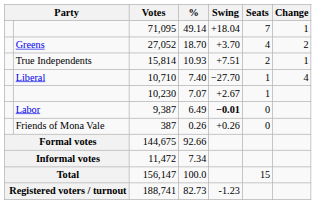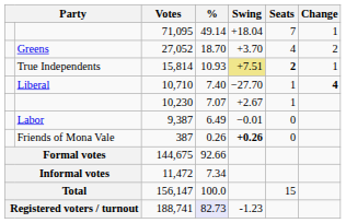 <table class="wikitable" style="text-align:right; margin-bottom:0">
 <tr>
 <th style="width:10px" colspan=3>Party</th>
 <th style="width:70px;">Votes</th>
 <th style="width:40px;">%</th>
 <th style="width:40px;">Swing</th>
 <th style="width:40px;">Seats</th>
 <th style="width:40px;">Change</th>
 </tr>
 <tr>
 <td> </td>
 <td style="text-align:left;" colspan="2"></td>
 <td>71,095</td>
 <td>49.14</td>
 <td>+18.04</td>
 <td>7</td>
 <td> 1</td>
 </tr>
 <tr>
 <td> </td>
 <td style="text-align:left;" colspan="2"><a href='#'>Greens</a></td>
 <td>27,052</td>
 <td>18.70</td>
 <td>+3.70</td>
 <td>4</td>
 <td> 2</td>
 </tr>
 <tr>
 <td> </td>
 <td style="text-align:left;" colspan="2">True Independents</td>
 <td>15,814</td>
 <td>10.93</td>
-<td>+7.51</td>
-<td>2</td>
+<td style="background: khaki;">+7.51</td>
+<td><strong>2</strong></td>
 <td> 1</td>
 </tr>
 <tr>
 <td> </td>
 <td style="text-align:left;" colspan="2"><a href='#'>Liberal</a></td>
 <td>10,710</td>
 <td>7.40</td>
 <td>−27.70</td>
 <td>1</td>
-<td> 4</td>
+<td><strong> 4</strong></td>
 </tr>
 <tr>
 <td> </td>
 <td style="text-align:left;" colspan="2"></td>
 <td>10,230</td>
 <td>7.07</td>
 <td>+2.67</td>
 <td>1</td>
 <td></td>
 </tr>
 <tr>
 <td> </td>
 <td style="text-align:left;" colspan="2"><a href='#'>Labor</a></td>
 <td>9,387</td>
 <td>6.49</td>
-<td><strong>−0.01</strong></td>
+<td>−0.01</td>
 <td>0</td>
 <td></td>
 </tr>
 <tr>
 <td> </td>
 <td style="text-align:left;" colspan="2">Friends of Mona Vale</td>
 <td>387</td>
 <td>0.26</td>
-<td>+0.26</td>
+<td><strong>+0.26</strong></td>
 <td>0</td>
 <td></td>
 </tr>
 <tr>
 <th colspan="3" rowspan="1"> Formal votes</th>
 <td>144,675</td>
 <td>92.66</td>
 <td></td>
 <td></td>
 <td></td>
 </tr>
 <tr>
 <th colspan="3" rowspan="1"> Informal votes</th>
 <td>11,472</td>
 <td>7.34</td>
 <td></td>
 <td></td>
 <td></td>
 </tr>
 <tr>
 <th colspan="3" rowspan="1"> <strong>Total </strong></th>
 <td>156,147</td>
 <td>100.0</td>
 <td></td>
 <td>15</td>
 <td></td>
 </tr>
 <tr>
 <th colspan="3" rowspan="1"> Registered voters / turnout</th>
 <td>188,741</td>
-<td>82.73</td>
+<td style="background: lavender;">82.73</td>
 <td>-1.23</td>
 <td></td>
 <td></td>
 </tr>
 </table>
